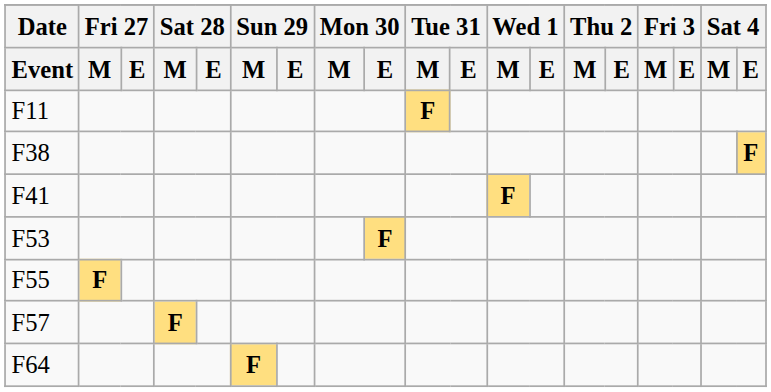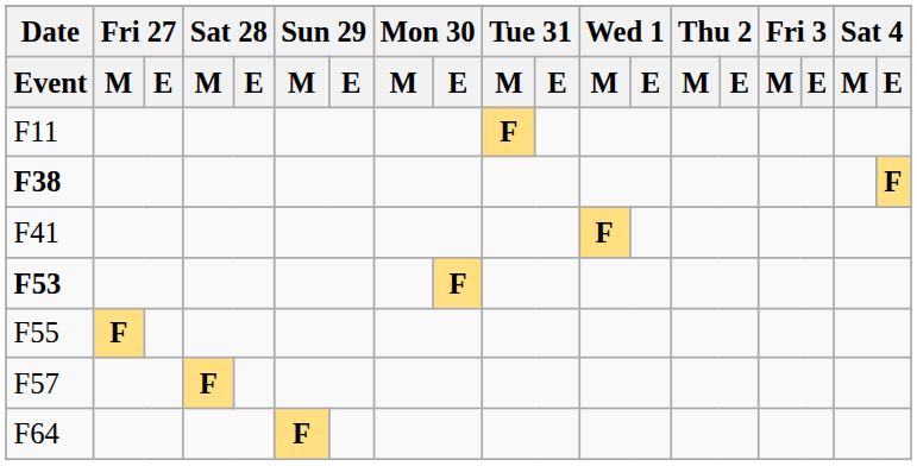 <table class="wikitable" style="margin:0.5em auto; font-size:90%; line-height:1.25em;">
 <tr align="center">
 </tr>
 <tr>
 <th>Date</th>
 <th colspan="2">Fri 27</th>
 <th colspan="2">Sat 28</th>
 <th colspan="2">Sun 29</th>
 <th colspan="2">Mon 30</th>
 <th colspan="2">Tue 31</th>
 <th colspan="2">Wed 1</th>
 <th colspan="2">Thu 2</th>
 <th colspan="2">Fri 3</th>
 <th colspan="2">Sat 4</th>
 </tr>
 <tr>
 <th>Event</th>
 <th>M</th>
 <th>E</th>
 <th>M</th>
 <th>E</th>
 <th>M</th>
 <th>E</th>
 <th>M</th>
 <th>E</th>
 <th>M</th>
 <th>E</th>
 <th>M</th>
 <th>E</th>
 <th>M</th>
 <th>E</th>
 <th>M</th>
 <th>E</th>
 <th>M</th>
 <th>E</th>
 </tr>
 <tr align="center">
 <td align="left">F11</td>
 <td colspan="2"></td>
 <td colspan="2"></td>
 <td colspan="2"></td>
 <td colspan="2"></td>
 <td bgcolor="#FFDF80"><strong>F</strong></td>
 <td></td>
 <td colspan="2"></td>
 <td colspan="2"></td>
 <td colspan="2"></td>
 <td colspan="2"></td>
 </tr>
 <tr align="center">
-<td align="left">F38</td>
+<td align="left"><strong>F38</strong></td>
 <td colspan="2"></td>
 <td colspan="2"></td>
 <td colspan="2"></td>
 <td colspan="2"></td>
 <td colspan="2"></td>
 <td colspan="2"></td>
 <td colspan="2"></td>
 <td colspan="2"></td>
 <td></td>
 <td bgcolor="#FFDF80"><strong>F</strong></td>
 </tr>
 <tr align="center">
 <td align="left">F41</td>
 <td colspan="2"></td>
 <td colspan="2"></td>
 <td colspan="2"></td>
 <td colspan="2"></td>
 <td colspan="2"></td>
 <td bgcolor="#FFDF80"><strong>F</strong></td>
 <td></td>
 <td colspan="2"></td>
 <td colspan="2"></td>
 <td colspan="2"></td>
 </tr>
 <tr align="center">
-<td align="left">F53</td>
+<td align="left"><strong>F53</strong></td>
 <td colspan="2"></td>
 <td colspan="2"></td>
 <td colspan="2"></td>
 <td></td>
 <td bgcolor="#FFDF80"><strong>F</strong></td>
 <td colspan="2"></td>
 <td colspan="2"></td>
 <td colspan="2"></td>
 <td colspan="2"></td>
 <td colspan="2"></td>
 </tr>
 <tr align="center">
 <td align="left">F55</td>
 <td bgcolor="#FFDF80"><strong>F</strong></td>
 <td></td>
 <td colspan="2"></td>
 <td colspan="2"></td>
 <td colspan="2"></td>
 <td colspan="2"></td>
 <td colspan="2"></td>
 <td colspan="2"></td>
 <td colspan="2"></td>
 <td colspan="2"></td>
 </tr>
 <tr align="center">
 <td align="left">F57</td>
 <td colspan="2"></td>
 <td bgcolor="#FFDF80"><strong>F</strong></td>
 <td></td>
 <td colspan="2"></td>
 <td colspan="2"></td>
 <td colspan="2"></td>
 <td colspan="2"></td>
 <td colspan="2"></td>
 <td colspan="2"></td>
 <td colspan="2"></td>
 </tr>
 <tr align="center">
 <td align="left">F64</td>
 <td colspan="2"></td>
 <td colspan="2"></td>
 <td bgcolor="#FFDF80"><strong>F</strong></td>
 <td></td>
 <td colspan="2"></td>
 <td colspan="2"></td>
 <td colspan="2"></td>
 <td colspan="2"></td>
 <td colspan="2"></td>
 <td colspan="2"></td>
 </tr>
 </table>
